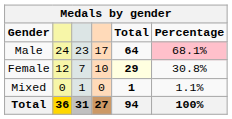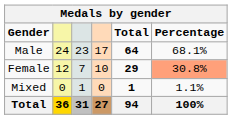 <table class=wikitable style="font-size:85%; float:right;text-align:center">
 <tr bgcolor=EFEFEF>
 <th colspan=6>Medals by gender</th>
 </tr>
 <tr>
 <td><strong>Gender</strong></td>
 <td bgcolor=F7F6A8></td>
 <td bgcolor=DCE5E5></td>
 <td bgcolor=FFDAB9></td>
 <td><strong>Total</strong></td>
 <td><strong>Percentage</strong></td>
 </tr>
 <tr>
 <td>Male</td>
 <td bgcolor=F7F6A8>24</td>
 <td bgcolor=DCE5E5>23</td>
 <td bgcolor=FFDAB9>17</td>
 <td><strong>64</strong></td>
-<td style="background: pink;">68.1%</td>
+<td>68.1%</td>
 </tr>
 <tr>
 <td>Female</td>
 <td bgcolor=F7F6A8>12</td>
 <td bgcolor=DCE5E5>7</td>
 <td bgcolor=FFDAB9>10</td>
-<td style="background: lightyellow;"><strong>29</strong></td>
-<td>30.8%</td>
+<td><strong>29</strong></td>
+<td style="background: lightsalmon;">30.8%</td>
 </tr>
 <tr>
 <td>Mixed</td>
 <td bgcolor=F7F6A8>0</td>
 <td bgcolor=DCE5E5>1</td>
 <td bgcolor=FFDAB9>0</td>
 <td><strong>1</strong></td>
 <td>1.1%</td>
 </tr>
 <tr>
 <th>Total</th>
 <th style=background:gold>36</th>
 <th style=background:silver>31</th>
 <th style=background:#C96>27</th>
 <th>94</th>
 <th>100%</th>
 </tr>
 </table>
